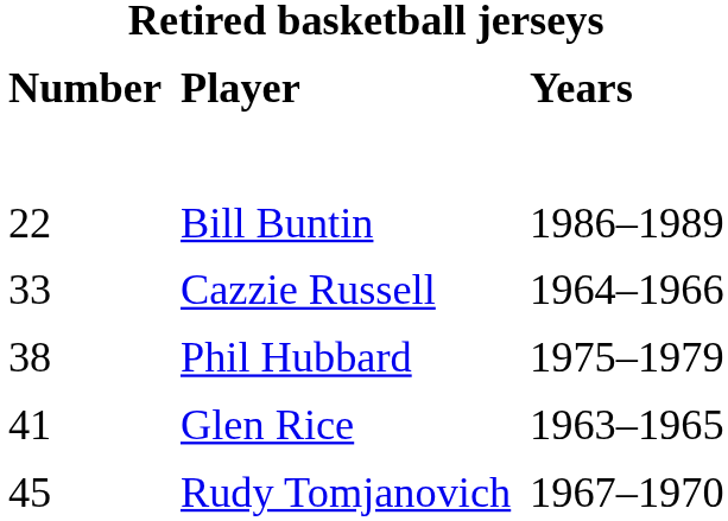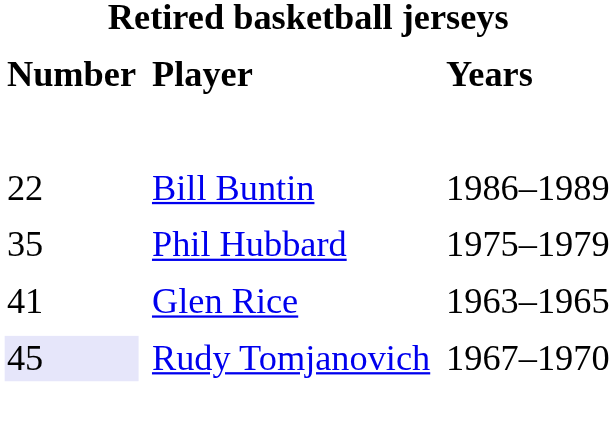 <table class="toccolours" style="float: left; margin-left: 1em;" cellspacing="5">
 <tr>
 <th colspan="3" style="text-align: center; "><strong>Retired basketball jerseys</strong></th>
 </tr>
 <tr>
 <td><strong>Number</strong></td>
 <td><strong>Player</strong></td>
 <td><strong>Years</strong></td>
 </tr>
 <tr>
 <td colspan="3"><br></td>
 </tr>
 <tr>
 <td>22</td>
 <td><a href='#'>Bill Buntin</a></td>
 <td>1986–1989</td>
 </tr>
 <tr>
-<td>33</td>
-<td><a href='#'>Cazzie Russell</a></td>
-<td>1964–1966</td>
-</tr>
-<tr>
-<td>38</td>
+<td>35</td>
 <td><a href='#'>Phil Hubbard</a></td>
 <td>1975–1979</td>
 </tr>
 <tr>
 <td>41</td>
 <td><a href='#'>Glen Rice</a></td>
 <td>1963–1965</td>
 </tr>
 <tr>
-<td>45</td>
+<td style="background: lavender;">45</td>
 <td><a href='#'>Rudy Tomjanovich</a></td>
 <td>1967–1970</td>
 </tr>
 </table>
